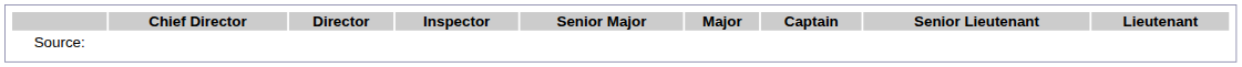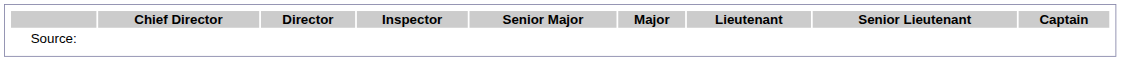 <table style="width:100%; border:1px solid #8888aa; background:#fff; padding:5px; font-size:95%; margin:0 12px 12px 0; text-align:center; ">
 <tr style="background:#ccc;">
 <th></th>
 <th colspan="1">Chief Director</th>
 <th colspan="1">Director</th>
 <th colspan="1">Inspector</th>
 <th colspan="1">Senior Major</th>
 <th colspan="1">Major</th>
+<th colspan="1">Lieutenant</th>
+<th colspan="1">Senior Lieutenant</th>
 <th colspan="1">Captain</th>
-<th colspan="1">Senior Lieutenant</th>
-<th colspan="1">Lieutenant</th>
 </tr>
 <tr style="text-align:center;">
 <td>Source:</td>
 <td></td>
 <td></td>
 <td></td>
 <td></td>
 <td></td>
 <td></td>
 <td></td>
 <td></td>
 </tr>
 <tr style="text-align:center;">
 <td></td>
 <td></td>
 <td></td>
 <td></td>
 <td></td>
 <td></td>
 <td></td>
 <td></td>
 <td></td>
 </tr>
 </table>
